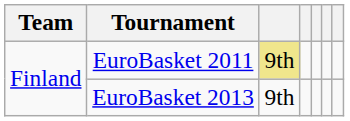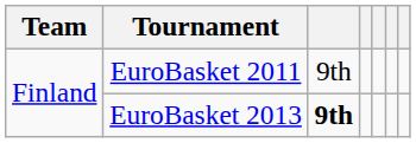 <table class="wikitable" style=" text-align:center;">
 <tr>
 <th>Team</th>
 <th>Tournament</th>
 <th></th>
 <th></th>
 <th></th>
 <th></th>
 <th></th>
 </tr>
 <tr>
 <td rowspan=2><a href='#'>Finland</a></td>
 <td><a href='#'>EuroBasket 2011</a></td>
-<td style="background: khaki;">9th</td>
+<td>9th</td>
 <td></td>
 <td></td>
 <td></td>
 <td></td>
 </tr>
 <tr>
 <td><a href='#'>EuroBasket 2013</a></td>
-<td>9th</td>
+<td><strong>9th</strong></td>
 <td></td>
 <td></td>
 <td></td>
 <td></td>
 </tr>
 </table>
